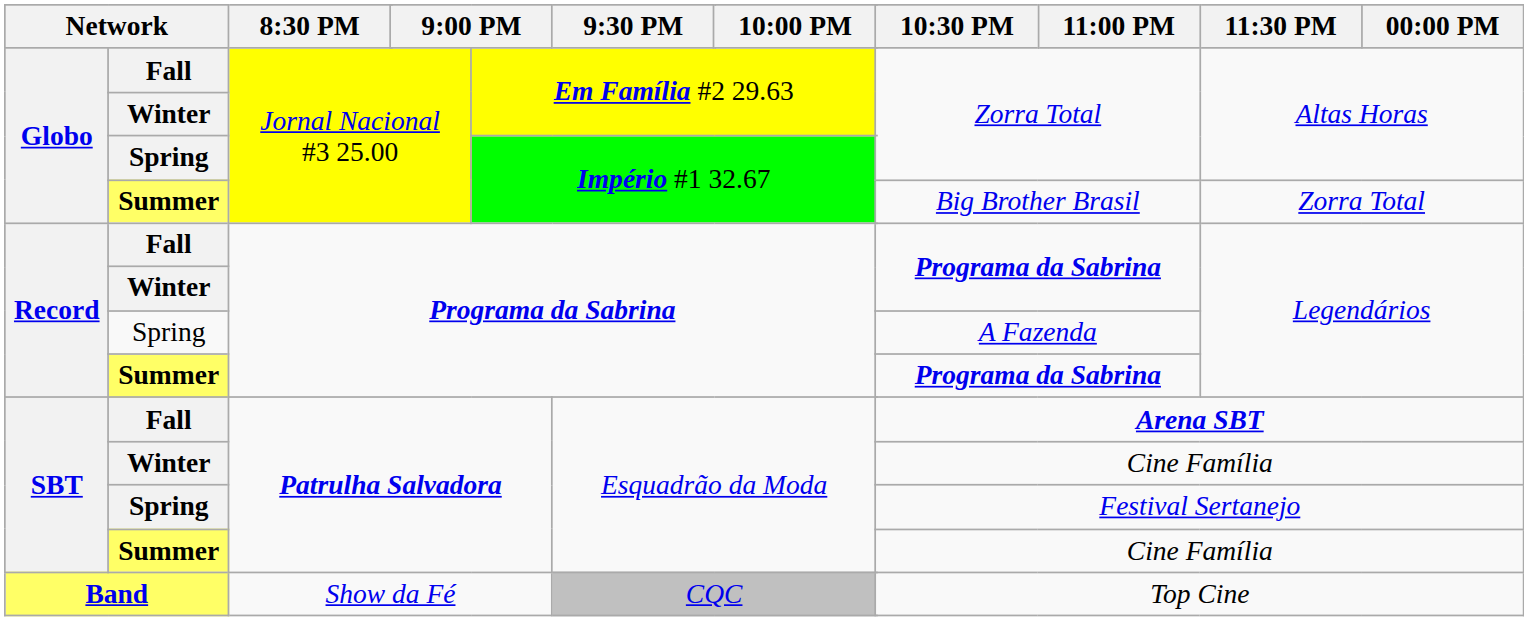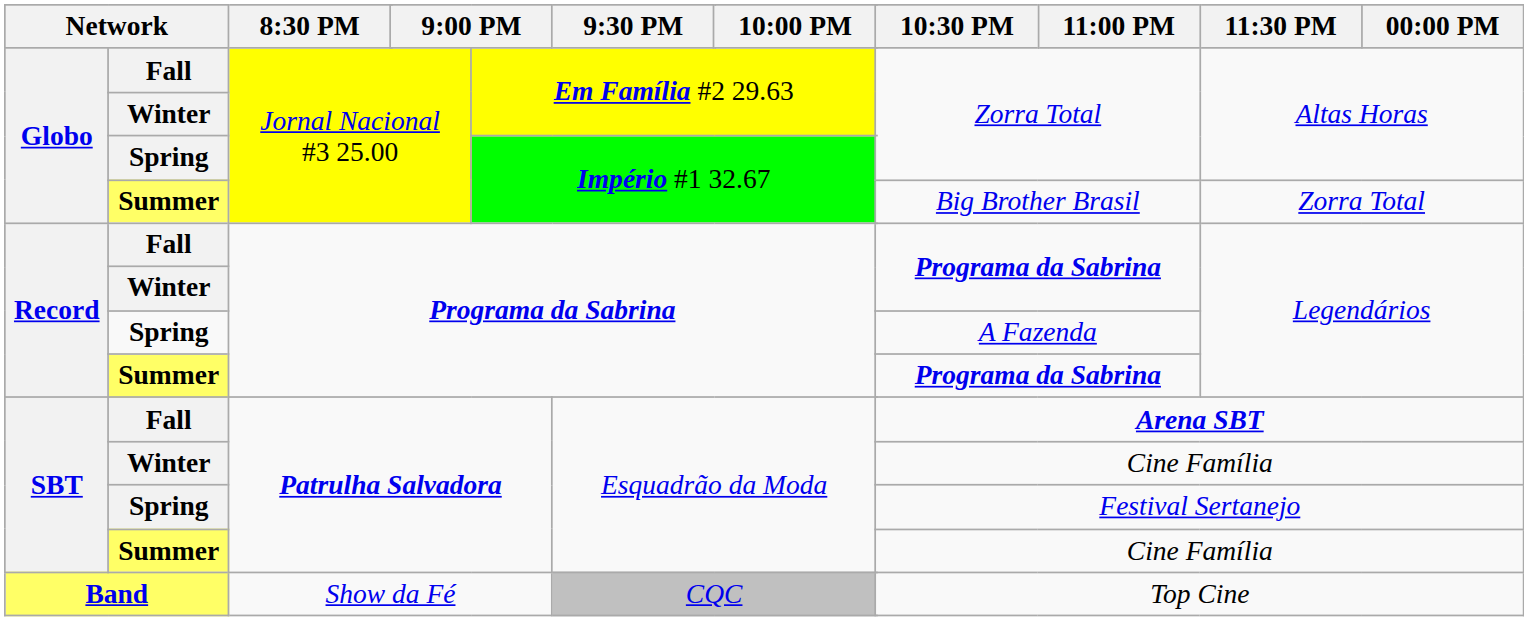 <table class="wikitable" style="width:100%;margin-right:0;text-align:center">
 <tr>
 <th colspan=2 style="width:12%;">Network</th>
 <th colspan=2 style="width:10%;">8:30 PM</th>
 <th colspan=2 style="width:10%;">9:00 PM</th>
 <th colspan=2 style="width:10%;">9:30 PM</th>
 <th colspan=2 style="width:10%;">10:00 PM</th>
 <th colspan=2 style="width:10%;">10:30 PM</th>
 <th colspan=2 style="width:10%;">11:00 PM</th>
 <th colspan=2 style="width:10%;">11:30 PM</th>
 <th colspan=2 style="width:10%;">00:00 PM</th>
 </tr>
 <tr>
 <th rowspan=4><a href='#'>Globo</a></th>
 <th>Fall</th>
 <td rowspan=4 colspan=3 style="background:yellow"><em><a href='#'>Jornal Nacional</a></em><br>#3 25.00</td>
 <td rowspan=2 colspan=5 style="background:yellow"><strong><em><a href='#'>Em Família</a></em></strong> #2 29.63</td>
 <td rowspan=3 colspan=4><em><a href='#'>Zorra Total</a></em></td>
 <td rowspan=3 colspan=4><em><a href='#'>Altas Horas</a></em></td>
 </tr>
 <tr>
 <th>Winter</th>
 </tr>
 <tr>
 <th>Spring</th>
 <td rowspan=2 colspan=5 bgcolor="lime"><strong><em><a href='#'>Império</a></em></strong> #1 32.67</td>
 </tr>
 <tr>
 <td bgcolor="FFFF66"><strong>Summer</strong></td>
 <td colspan=4><em><a href='#'>Big Brother Brasil</a></em></td>
 <td colspan=4><em><a href='#'>Zorra Total</a></em></td>
 </tr>
 <tr>
 <th rowspan=4><a href='#'>Record</a></th>
 <th>Fall</th>
 <td rowspan=4 colspan=8><strong><em><a href='#'>Programa da Sabrina</a></em></strong></td>
 <td rowspan=2 colspan=4><strong><em><a href='#'>Programa da Sabrina</a></em></strong></td>
 <td rowspan=4 colspan=4><em><a href='#'>Legendários</a></em></td>
 </tr>
 <tr>
 <th>Winter</th>
 </tr>
 <tr>
-<td>Spring</td>
+<td><strong>Spring</strong></td>
 <td colspan=4><em><a href='#'>A Fazenda</a></em></td>
 </tr>
 <tr>
 <td bgcolor="FFFF66"><strong>Summer</strong></td>
 <td colspan=4><strong><em><a href='#'>Programa da Sabrina</a></em></strong></td>
 </tr>
 <tr>
 <th rowspan=4><a href='#'>SBT</a></th>
 <th>Fall</th>
 <td rowspan=4 colspan=4><strong><em><a href='#'>Patrulha Salvadora</a></em></strong></td>
 <td rowspan=4 colspan=4><em><a href='#'>Esquadrão da Moda</a></em></td>
 <td colspan=8><strong><em><a href='#'>Arena SBT</a></em></strong></td>
 </tr>
 <tr>
 <th>Winter</th>
 <td colspan=8><em>Cine Família</em></td>
 </tr>
 <tr>
 <th>Spring</th>
 <td colspan=8><em><a href='#'>Festival Sertanejo</a></em></td>
 </tr>
 <tr>
 <td bgcolor="FFFF66"><strong>Summer</strong></td>
 <td colspan=8><em>Cine Família</em></td>
 </tr>
 <tr>
 <td colspan=2 bgcolor="FFFF66"><strong><a href='#'>Band</a></strong></td>
 <td colspan=4><em><a href='#'>Show da Fé</a></em></td>
 <td colspan=4 bgcolor="C0C0C0"><em><a href='#'>CQC</a></em></td>
 <td colspan=8><em>Top Cine</em></td>
 </tr>
 </table>
